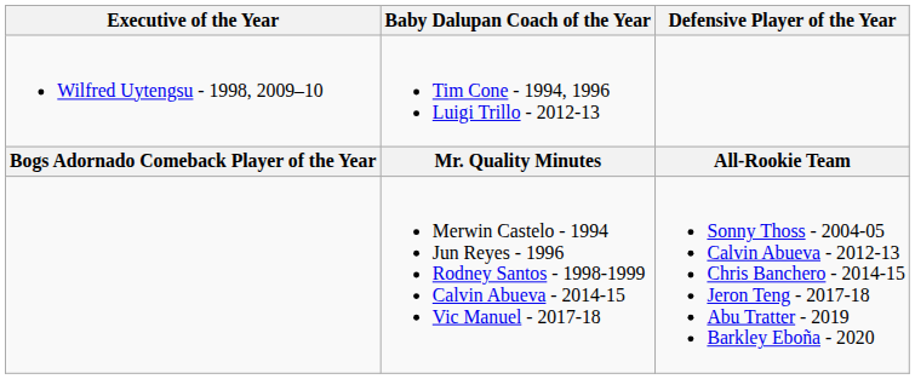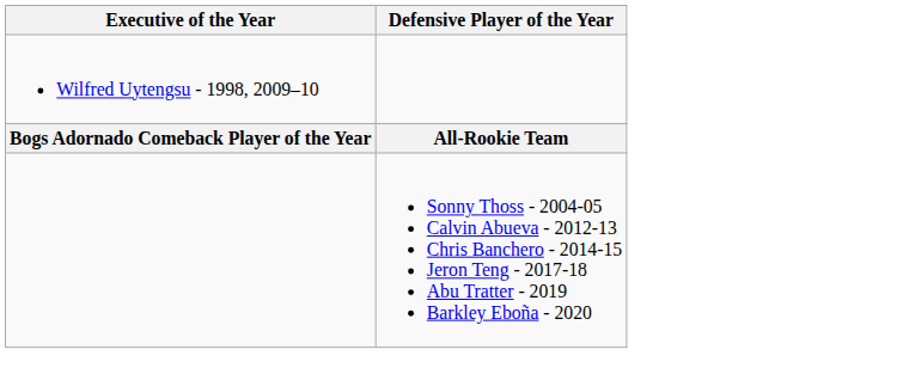 <table class=wikitable>
 <tr>
 <th>Executive of the Year</th>
-<th>Baby Dalupan Coach of the Year</th>
 <th>Defensive Player of the Year</th>
 </tr>
 <tr>
 <td valign="top"><br><ul><li><a href='#'>Wilfred Uytengsu</a> - 1998, 2009–10</li></ul></td>
-<td valign="top"><br><ul><li><a href='#'>Tim Cone</a> - 1994, 1996</li><li><a href='#'>Luigi Trillo</a> - 2012-13</li></ul></td>
 <td valign="top"></td>
 </tr>
 <tr>
 <th>Bogs Adornado Comeback Player of the Year</th>
-<th>Mr. Quality Minutes</th>
 <th>All-Rookie Team</th>
 </tr>
 <tr>
 <td></td>
-<td valign="top"><br><ul><li>Merwin Castelo - 1994</li><li>Jun Reyes - 1996</li><li><a href='#'>Rodney Santos</a> - 1998-1999</li><li><a href='#'>Calvin Abueva</a> - 2014-15</li><li><a href='#'>Vic Manuel</a> - 2017-18</li></ul></td>
 <td valign="top"><br><ul><li><a href='#'>Sonny Thoss</a> - 2004-05</li><li><a href='#'>Calvin Abueva</a> - 2012-13</li><li><a href='#'>Chris Banchero</a> - 2014-15</li><li><a href='#'>Jeron Teng</a> - 2017-18</li><li><a href='#'>Abu Tratter</a> - 2019</li><li><a href='#'>Barkley Eboña</a> - 2020</li></ul></td>
 </tr>
 </table>
